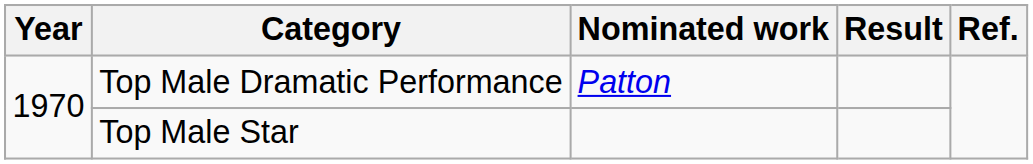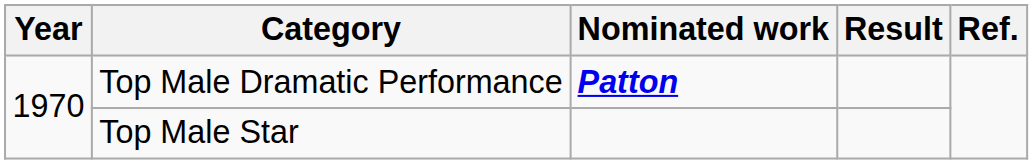 <table class="wikitable">
 <tr>
 <th>Year</th>
 <th>Category</th>
 <th>Nominated work</th>
 <th>Result</th>
 <th>Ref.</th>
 </tr>
 <tr>
 <td rowspan="2">1970</td>
 <td>Top Male Dramatic Performance</td>
-<td><em><a href='#'>Patton</a></em></td>
+<td><strong><em><a href='#'>Patton</a></em></strong></td>
 <td></td>
 <td align="center" rowspan="2"></td>
 </tr>
 <tr>
 <td>Top Male Star</td>
 <td></td>
 <td></td>
 </tr>
 </table>
